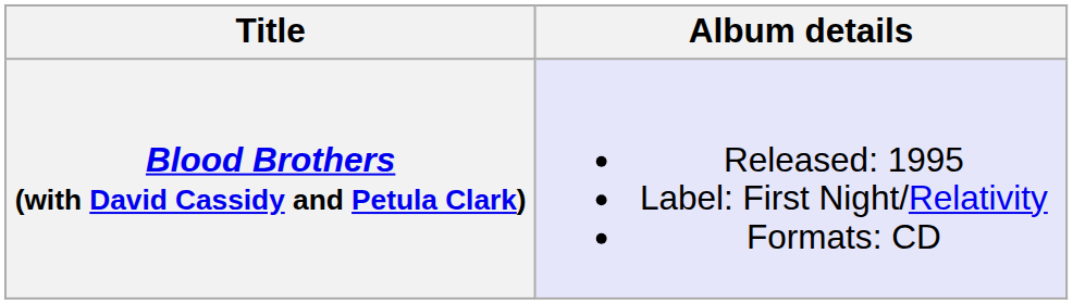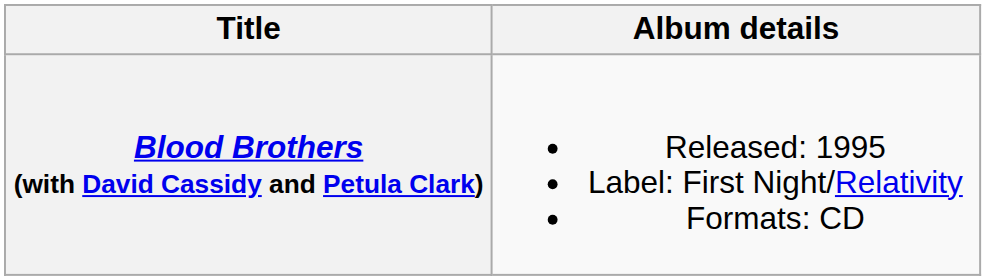 <table class="wikitable plainrowheaders" style="text-align:center;">
 <tr>
 <th scope="col" style="width:15em;">Title</th>
 <th scope="col" style="width:15em;">Album details</th>
 </tr>
 <tr>
 <th scope="row"><em><a href='#'>Blood Brothers</a></em><br><small>(with <a href='#'>David Cassidy</a> and <a href='#'>Petula Clark</a>)</small></th>
-<td style="background: lavender;"><br><ul><li>Released: 1995</li><li>Label: First Night/<a href='#'>Relativity</a></li><li>Formats: CD</li></ul></td>
+<td><br><ul><li>Released: 1995</li><li>Label: First Night/<a href='#'>Relativity</a></li><li>Formats: CD</li></ul></td>
 </tr>
 </table>
